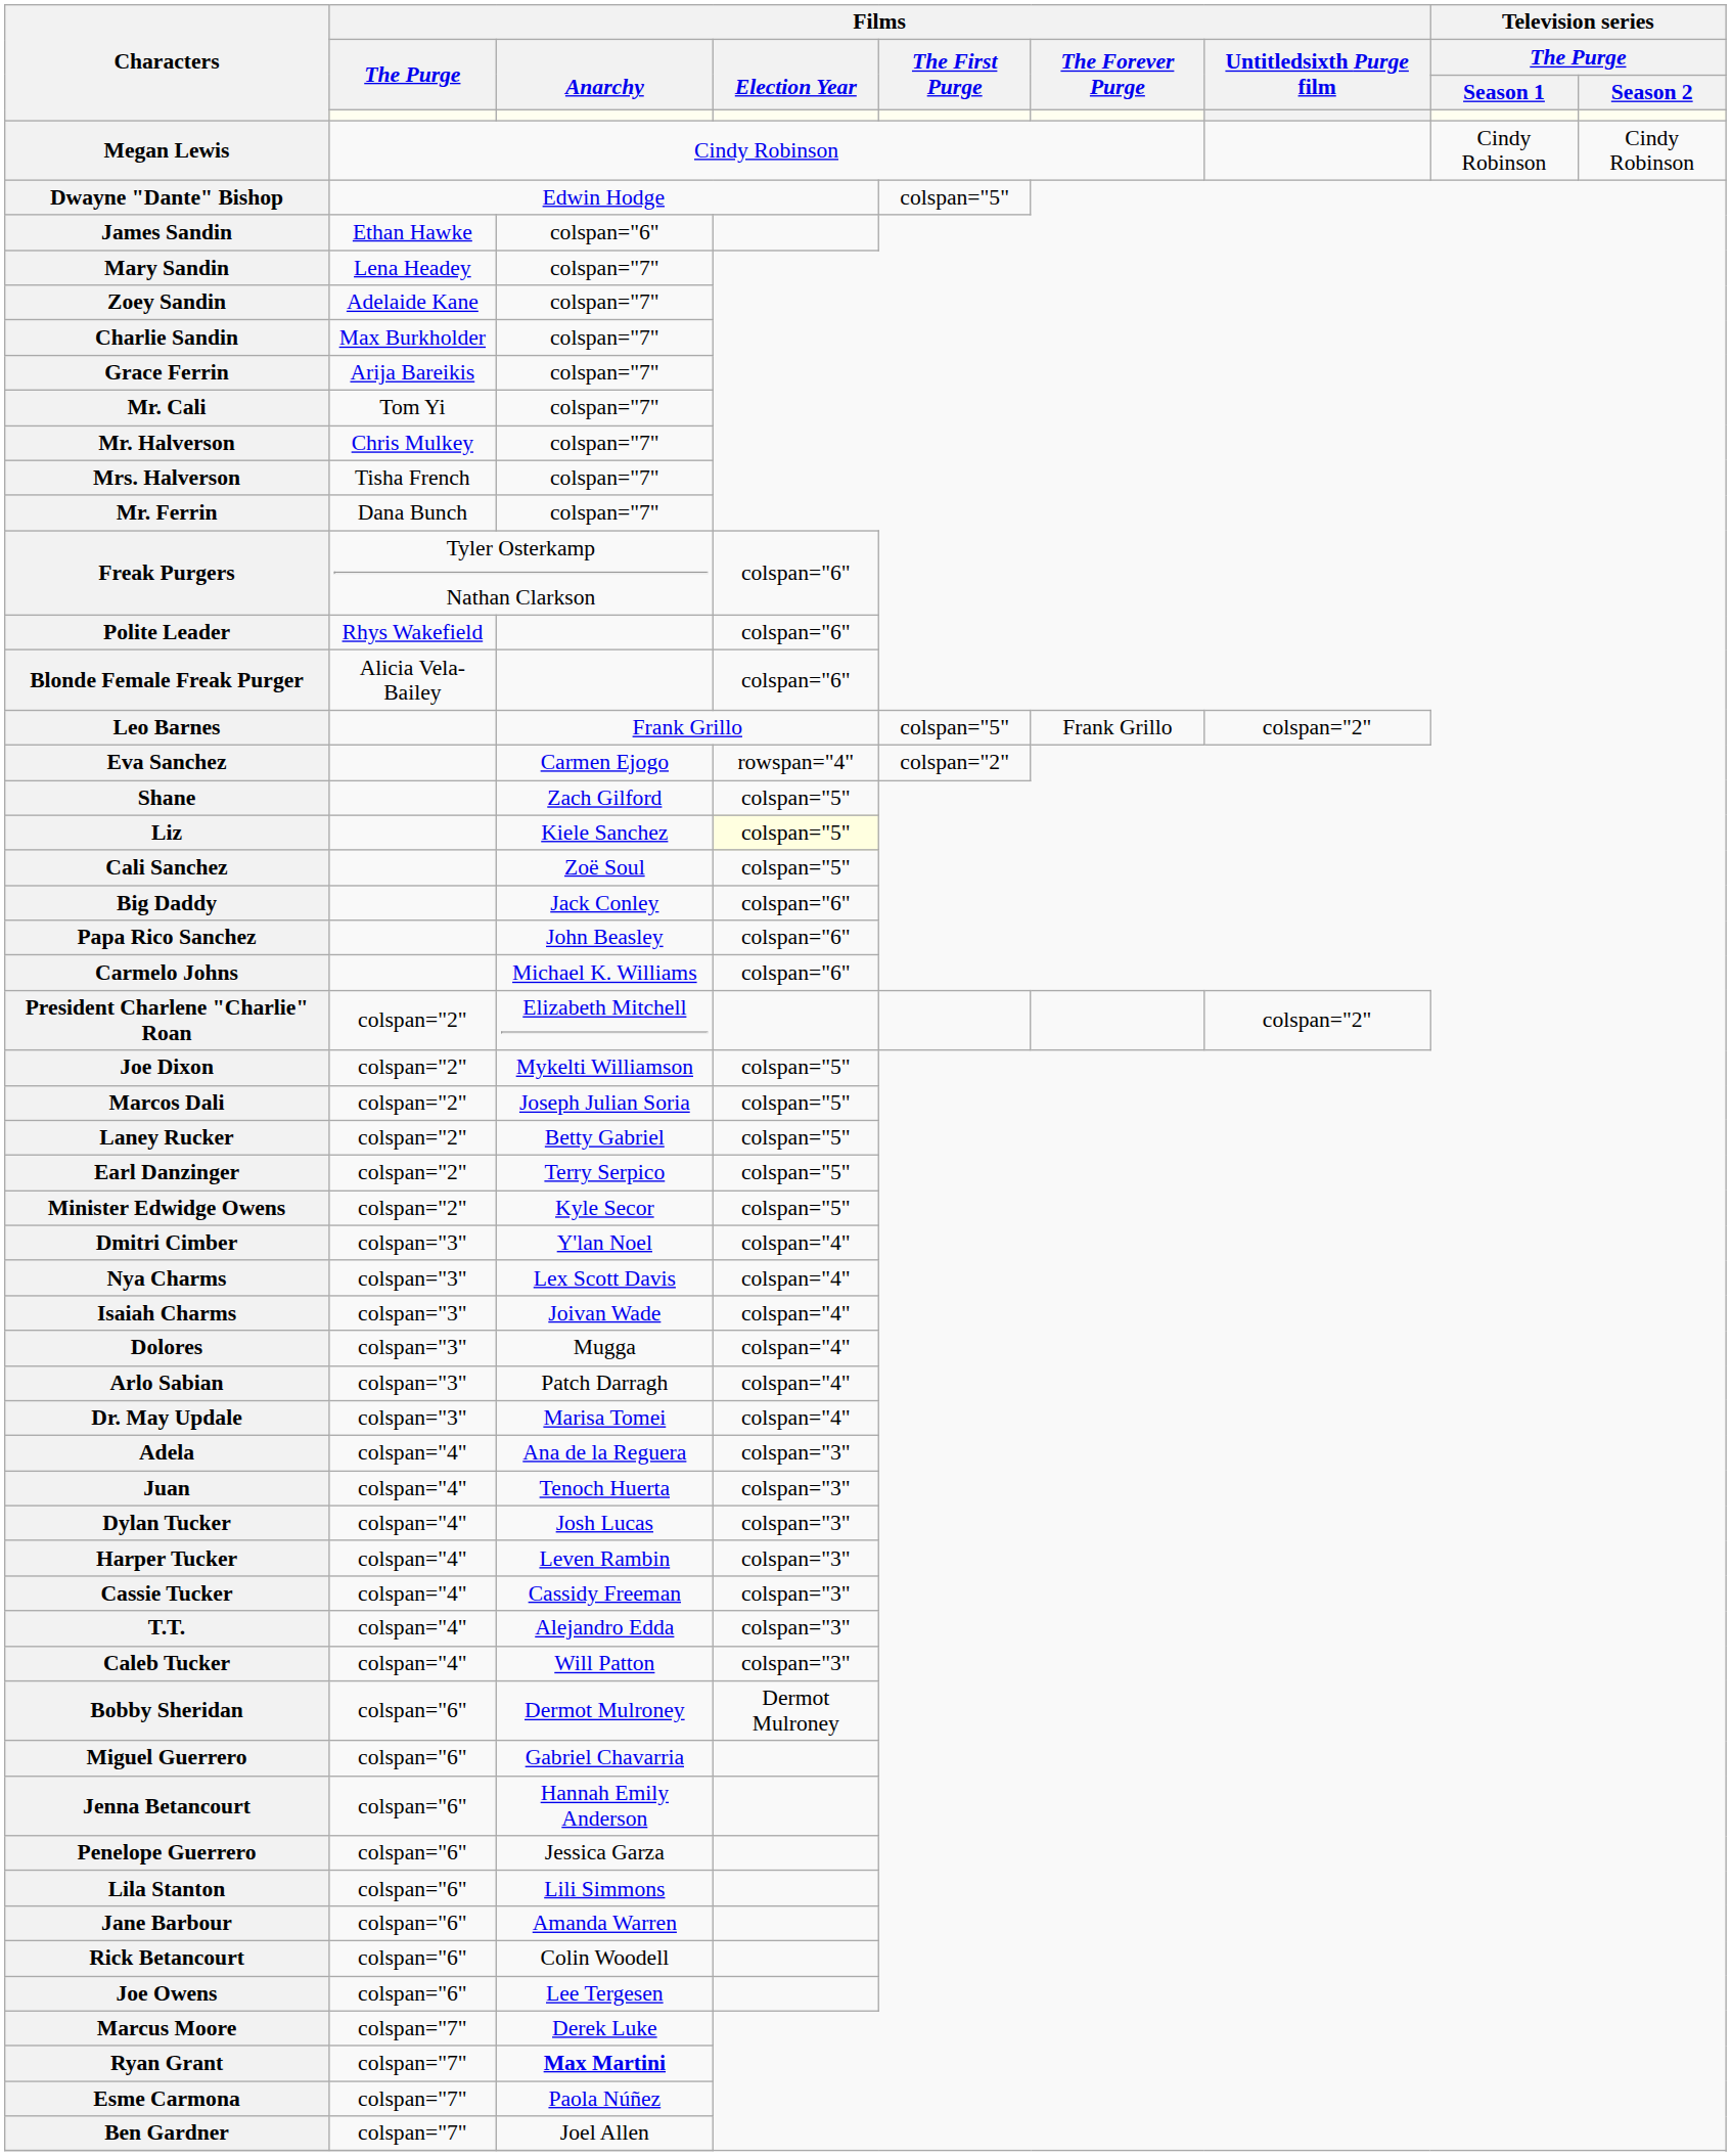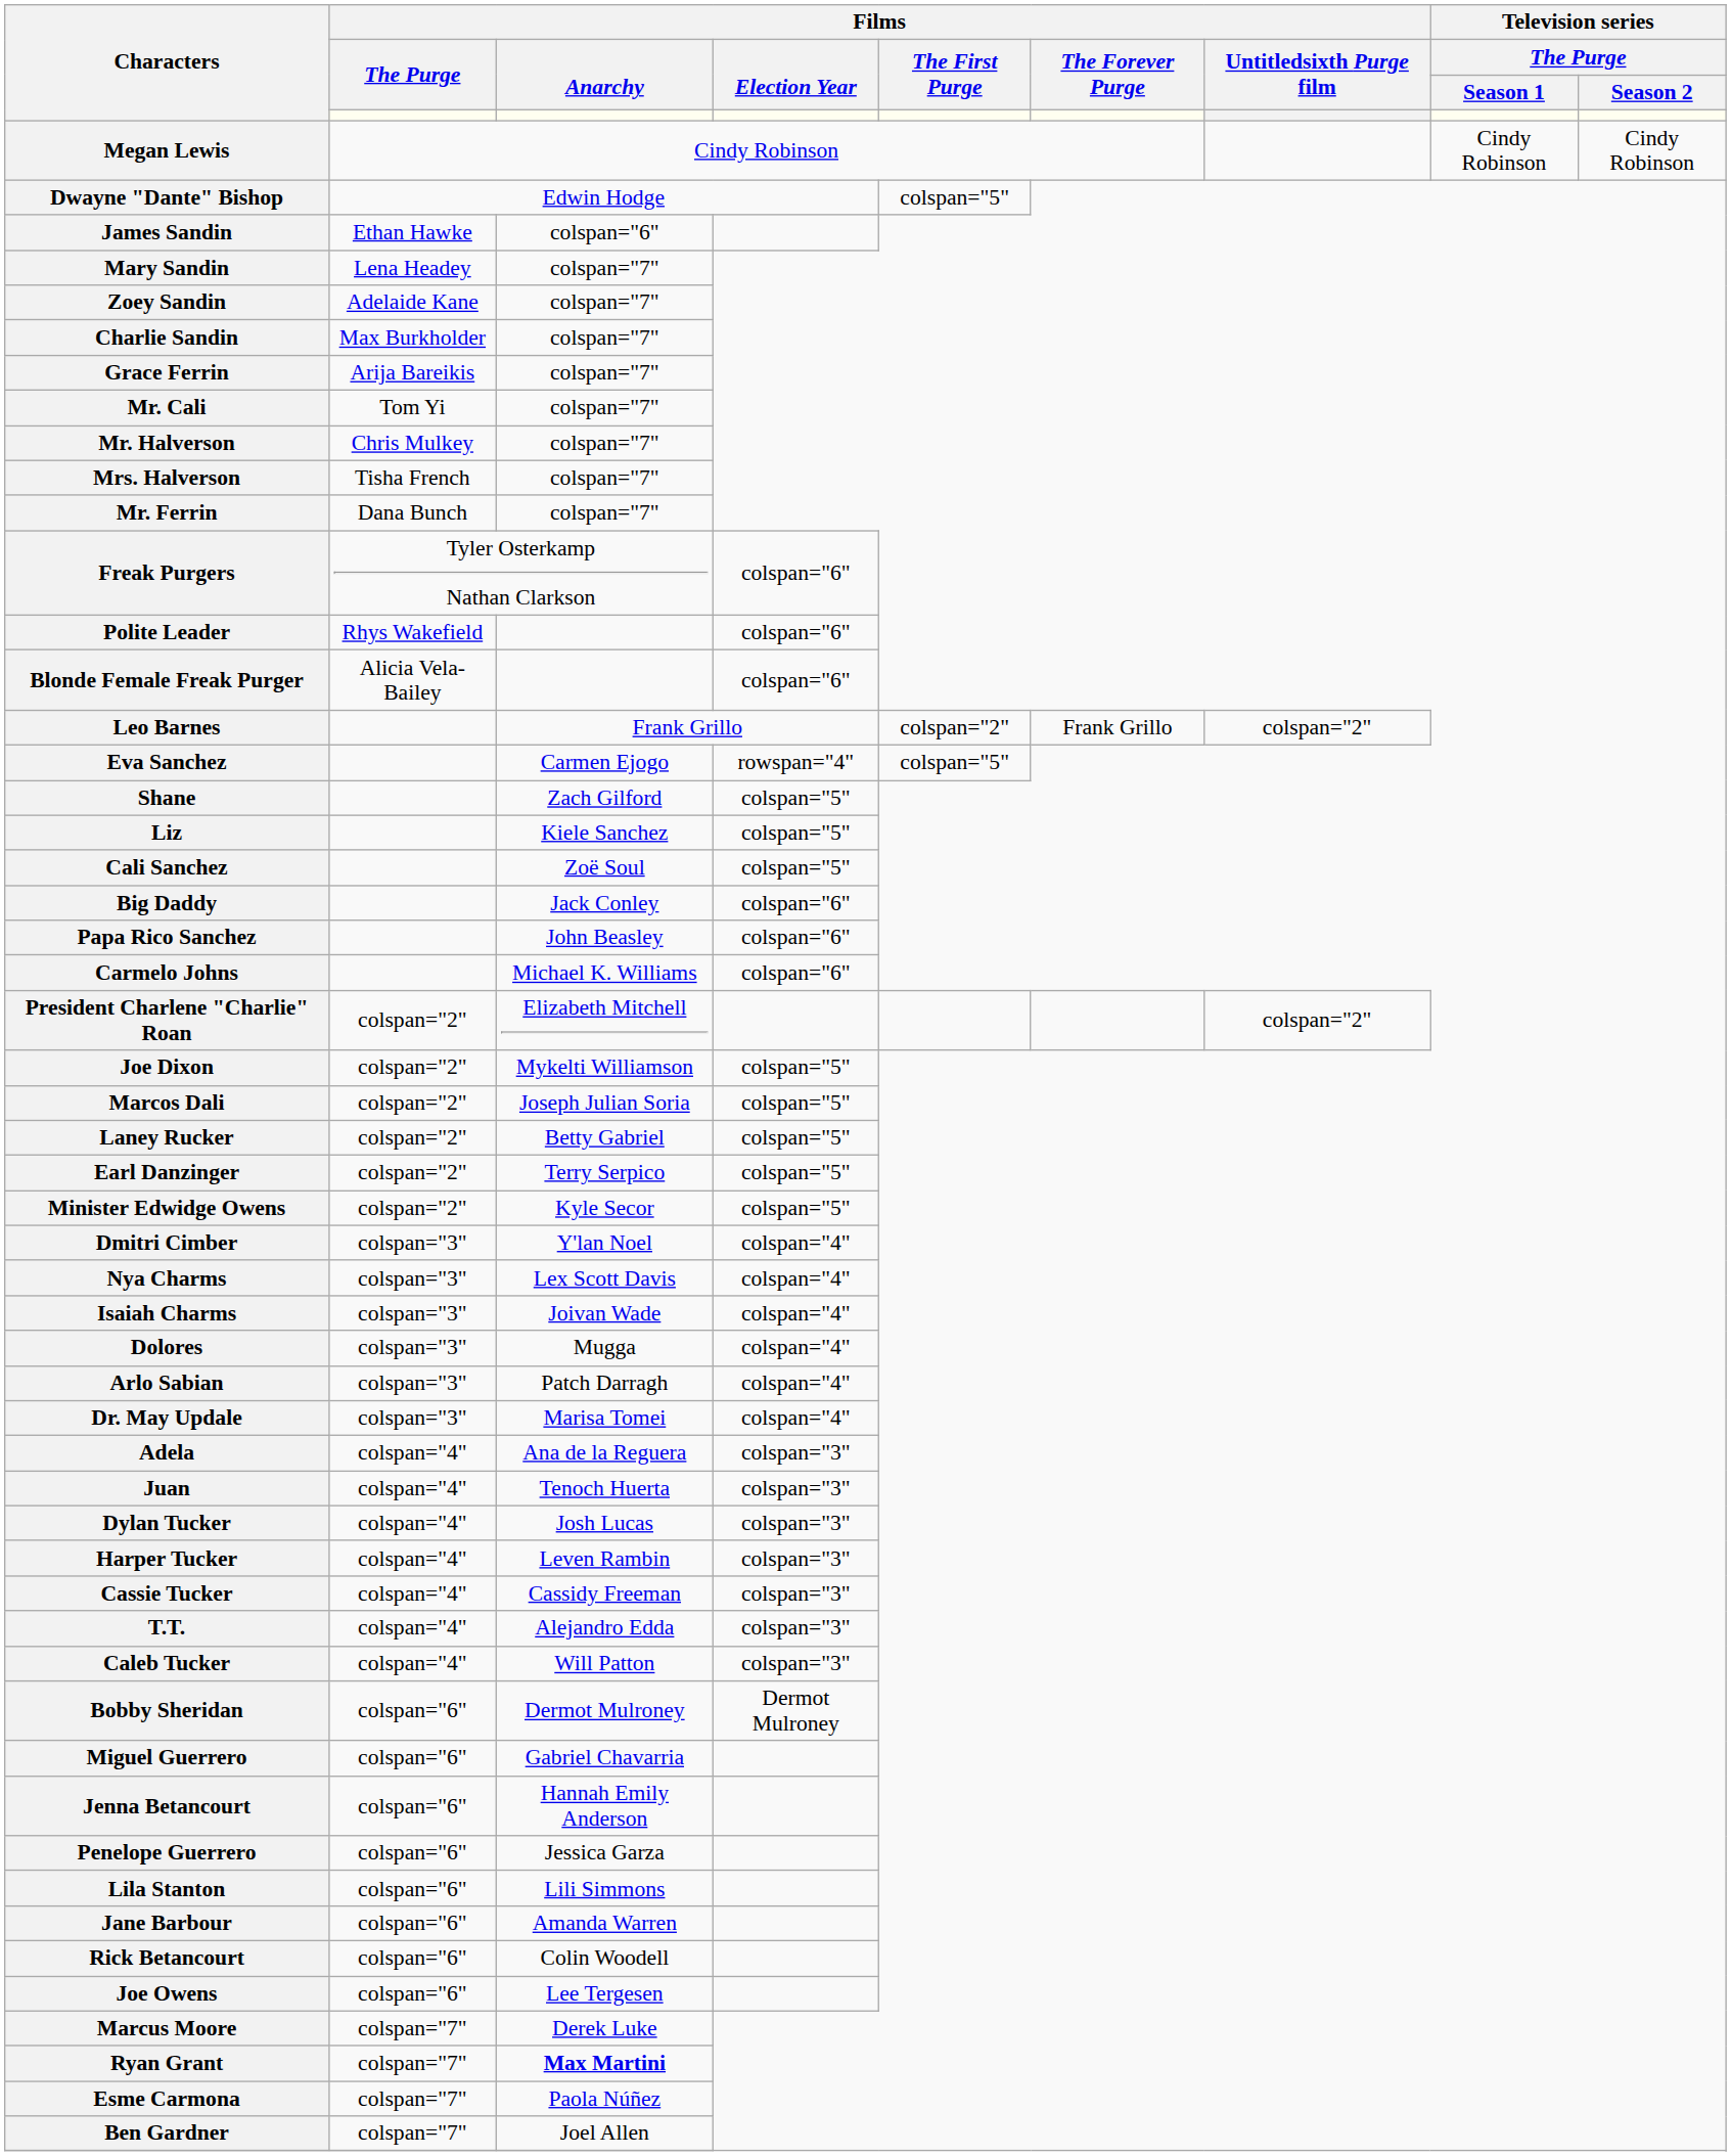 <table class="wikitable" style="text-align:center;">
 <tr>
 <th rowspan="4">Characters</th>
 <th colspan="6">Films</th>
 <th colspan="2">Television series</th>
 </tr>
 <tr>
 <th rowspan="2"><em><a href='#'>The Purge</a></em></th>
 <th rowspan="2"><em><a href='#'><br>Anarchy</a></em></th>
 <th rowspan="2"><em><a href='#'><br>Election Year</a></em></th>
 <th rowspan="2"><em><a href='#'>The First Purge</a></em></th>
 <th rowspan="2"><em><a href='#'>The Forever Purge</a></em></th>
 <th rowspan="2"><a href='#'>Untitledsixth <em>Purge</em> film</a></th>
 <th colspan="2"><em><a href='#'>The Purge</a></em></th>
 </tr>
 <tr>
 <th><a href='#'>Season 1</a></th>
 <th><a href='#'>Season 2</a></th>
 </tr>
 <tr>
 <th style="background:ivory;"></th>
 <th style="background:ivory;"></th>
 <th style="background:ivory;"></th>
 <th style="background:ivory;"></th>
 <th style="background:ivory;"></th>
 <th></th>
 <th style="background:ivory;"></th>
 <th style="background:ivory;"></th>
 </tr>
 <tr>
 <th>Megan Lewis<br></th>
 <td colspan="5"><a href='#'>Cindy Robinson</a></td>
 <td></td>
 <td>Cindy Robinson</td>
 <td>Cindy Robinson</td>
 </tr>
 <tr>
 <th>Dwayne "Dante" Bishop<br></th>
 <td colspan="3"><a href='#'>Edwin Hodge</a></td>
 <td>colspan="5" </td>
 </tr>
 <tr>
 <th>James Sandin</th>
 <td><a href='#'>Ethan Hawke</a></td>
 <td>colspan="6" </td>
 <td></td>
 </tr>
 <tr>
 <th>Mary Sandin</th>
 <td><a href='#'>Lena Headey</a></td>
 <td>colspan="7" </td>
 </tr>
 <tr>
 <th>Zoey Sandin</th>
 <td><a href='#'>Adelaide Kane</a></td>
 <td>colspan="7" </td>
 </tr>
 <tr>
 <th>Charlie Sandin</th>
 <td><a href='#'>Max Burkholder</a></td>
 <td>colspan="7" </td>
 </tr>
 <tr>
 <th>Grace Ferrin</th>
 <td><a href='#'>Arija Bareikis</a></td>
 <td>colspan="7" </td>
 </tr>
 <tr>
 <th>Mr. Cali</th>
 <td>Tom Yi</td>
 <td>colspan="7" </td>
 </tr>
 <tr>
 <th>Mr. Halverson</th>
 <td><a href='#'>Chris Mulkey</a></td>
 <td>colspan="7" </td>
 </tr>
 <tr>
 <th>Mrs. Halverson</th>
 <td>Tisha French</td>
 <td>colspan="7" </td>
 </tr>
 <tr>
 <th>Mr. Ferrin</th>
 <td>Dana Bunch</td>
 <td>colspan="7" </td>
 </tr>
 <tr>
 <th>Freak Purgers</th>
 <td colspan="2">Tyler Osterkamp<hr>Nathan Clarkson</td>
 <td>colspan="6" </td>
 </tr>
 <tr>
 <th>Polite Leader</th>
 <td><a href='#'>Rhys Wakefield</a></td>
 <td></td>
 <td>colspan="6" </td>
 </tr>
 <tr>
 <th>Blonde Female Freak Purger</th>
 <td>Alicia Vela-Bailey</td>
 <td></td>
 <td>colspan="6" </td>
 </tr>
 <tr>
 <th>Leo Barnes<br></th>
 <td></td>
 <td colspan="2"><a href='#'>Frank Grillo</a></td>
-<td>colspan="5" </td>
+<td>colspan="2" </td>
 <td>Frank Grillo</td>
 <td>colspan="2" </td>
 </tr>
 <tr>
 <th>Eva Sanchez</th>
 <td></td>
 <td><a href='#'>Carmen Ejogo</a></td>
 <td>rowspan="4" </td>
-<td>colspan="2" </td>
+<td>colspan="5" </td>
 </tr>
 <tr>
 <th>Shane</th>
 <td></td>
 <td><a href='#'>Zach Gilford</a></td>
 <td>colspan="5" </td>
 </tr>
 <tr>
 <th>Liz</th>
 <td></td>
 <td><a href='#'>Kiele Sanchez</a></td>
-<td style="background: lightyellow;">colspan="5" </td>
+<td>colspan="5" </td>
 </tr>
 <tr>
 <th>Cali Sanchez</th>
 <td></td>
 <td><a href='#'>Zoë Soul</a></td>
 <td>colspan="5" </td>
 </tr>
 <tr>
 <th>Big Daddy</th>
 <td></td>
 <td><a href='#'>Jack Conley</a></td>
 <td>colspan="6" </td>
 </tr>
 <tr>
 <th>Papa Rico Sanchez</th>
 <td></td>
 <td><a href='#'>John Beasley</a></td>
 <td>colspan="6" </td>
 </tr>
 <tr>
 <th>Carmelo Johns</th>
 <td></td>
 <td><a href='#'>Michael K. Williams</a></td>
 <td>colspan="6" </td>
 </tr>
 <tr>
 <th>President Charlene "Charlie" Roan</th>
 <td>colspan="2" </td>
 <td><a href='#'>Elizabeth Mitchell</a><hr></td>
 <td></td>
 <td></td>
 <td></td>
 <td>colspan="2" </td>
 </tr>
 <tr>
 <th>Joe Dixon</th>
 <td>colspan="2" </td>
 <td><a href='#'>Mykelti Williamson</a></td>
 <td>colspan="5" </td>
 </tr>
 <tr>
 <th>Marcos Dali</th>
 <td>colspan="2" </td>
 <td><a href='#'>Joseph Julian Soria</a></td>
 <td>colspan="5" </td>
 </tr>
 <tr>
 <th>Laney Rucker<br></th>
 <td>colspan="2" </td>
 <td><a href='#'>Betty Gabriel</a></td>
 <td>colspan="5" </td>
 </tr>
 <tr>
 <th>Earl Danzinger</th>
 <td>colspan="2" </td>
 <td><a href='#'>Terry Serpico</a></td>
 <td>colspan="5" </td>
 </tr>
 <tr>
 <th>Minister Edwidge Owens</th>
 <td>colspan="2" </td>
 <td><a href='#'>Kyle Secor</a></td>
 <td>colspan="5" </td>
 </tr>
 <tr>
 <th>Dmitri Cimber</th>
 <td>colspan="3" </td>
 <td><a href='#'>Y'lan Noel</a></td>
 <td>colspan="4" </td>
 </tr>
 <tr>
 <th>Nya Charms</th>
 <td>colspan="3" </td>
 <td><a href='#'>Lex Scott Davis</a></td>
 <td>colspan="4" </td>
 </tr>
 <tr>
 <th>Isaiah Charms</th>
 <td>colspan="3" </td>
 <td><a href='#'>Joivan Wade</a></td>
 <td>colspan="4" </td>
 </tr>
 <tr>
 <th>Dolores</th>
 <td>colspan="3" </td>
 <td>Mugga</td>
 <td>colspan="4" </td>
 </tr>
 <tr>
 <th>Arlo Sabian<br></th>
 <td>colspan="3" </td>
 <td>Patch Darragh</td>
 <td>colspan="4" </td>
 </tr>
 <tr>
 <th>Dr. May Updale<br></th>
 <td>colspan="3" </td>
 <td><a href='#'>Marisa Tomei</a></td>
 <td>colspan="4" </td>
 </tr>
 <tr>
 <th>Adela</th>
 <td>colspan="4" </td>
 <td><a href='#'>Ana de la Reguera</a></td>
 <td>colspan="3" </td>
 </tr>
 <tr>
 <th>Juan</th>
 <td>colspan="4" </td>
 <td><a href='#'>Tenoch Huerta</a></td>
 <td>colspan="3" </td>
 </tr>
 <tr>
 <th>Dylan Tucker</th>
 <td>colspan="4" </td>
 <td><a href='#'>Josh Lucas</a></td>
 <td>colspan="3" </td>
 </tr>
 <tr>
 <th>Harper Tucker</th>
 <td>colspan="4" </td>
 <td><a href='#'>Leven Rambin</a></td>
 <td>colspan="3" </td>
 </tr>
 <tr>
 <th>Cassie Tucker</th>
 <td>colspan="4" </td>
 <td><a href='#'>Cassidy Freeman</a></td>
 <td>colspan="3" </td>
 </tr>
 <tr>
 <th>T.T.</th>
 <td>colspan="4" </td>
 <td><a href='#'>Alejandro Edda</a></td>
 <td>colspan="3" </td>
 </tr>
 <tr>
 <th>Caleb Tucker</th>
 <td>colspan="4" </td>
 <td><a href='#'>Will Patton</a></td>
 <td>colspan="3" </td>
 </tr>
 <tr>
 <th>Bobby Sheridan</th>
 <td>colspan="6" </td>
 <td><a href='#'>Dermot Mulroney</a></td>
 <td>Dermot Mulroney</td>
 </tr>
 <tr>
 <th>Miguel Guerrero</th>
 <td>colspan="6" </td>
 <td><a href='#'>Gabriel Chavarria</a></td>
 <td></td>
 </tr>
 <tr>
 <th>Jenna Betancourt</th>
 <td>colspan="6" </td>
 <td><a href='#'>Hannah Emily Anderson</a></td>
 <td></td>
 </tr>
 <tr>
 <th>Penelope Guerrero</th>
 <td>colspan="6" </td>
 <td>Jessica Garza</td>
 <td></td>
 </tr>
 <tr>
 <th>Lila Stanton</th>
 <td>colspan="6" </td>
 <td><a href='#'>Lili Simmons</a></td>
 <td></td>
 </tr>
 <tr>
 <th>Jane Barbour</th>
 <td>colspan="6" </td>
 <td><a href='#'>Amanda Warren</a></td>
 <td></td>
 </tr>
 <tr>
 <th>Rick Betancourt</th>
 <td>colspan="6" </td>
 <td>Colin Woodell</td>
 <td></td>
 </tr>
 <tr>
 <th>Joe Owens</th>
 <td>colspan="6" </td>
 <td><a href='#'>Lee Tergesen</a></td>
 <td></td>
 </tr>
 <tr>
 <th>Marcus Moore</th>
 <td>colspan="7" </td>
 <td><a href='#'>Derek Luke</a></td>
 </tr>
 <tr>
 <th>Ryan Grant</th>
 <td>colspan="7" </td>
 <td><strong><a href='#'>Max Martini</a></strong></td>
 </tr>
 <tr>
 <th>Esme Carmona</th>
 <td>colspan="7" </td>
 <td><a href='#'>Paola Núñez</a></td>
 </tr>
 <tr>
 <th>Ben Gardner</th>
 <td>colspan="7" </td>
 <td>Joel Allen</td>
 </tr>
 <tr>
 </tr>
 </table>
